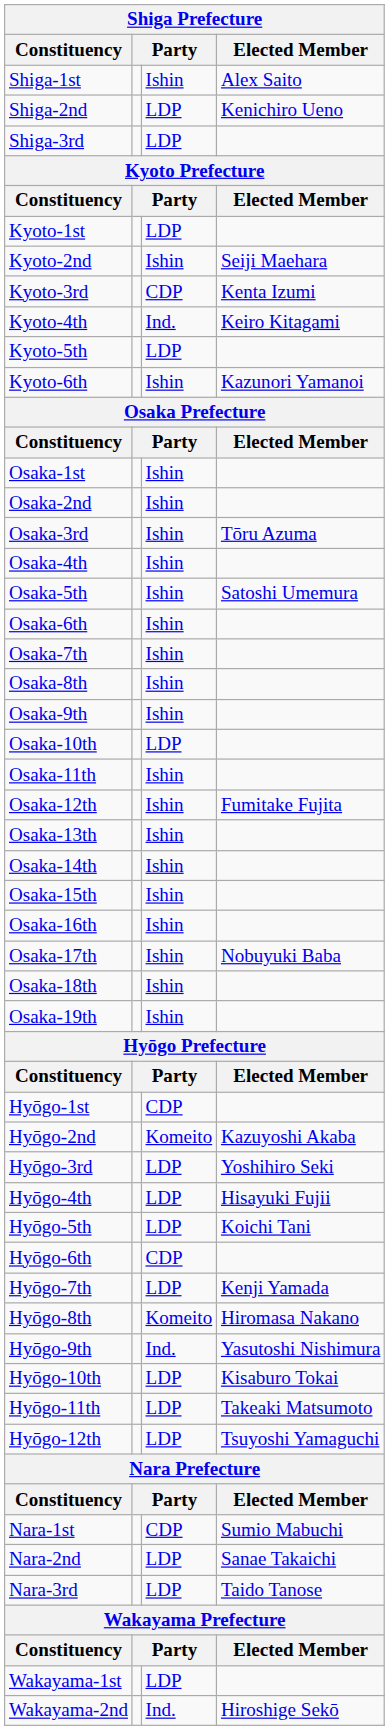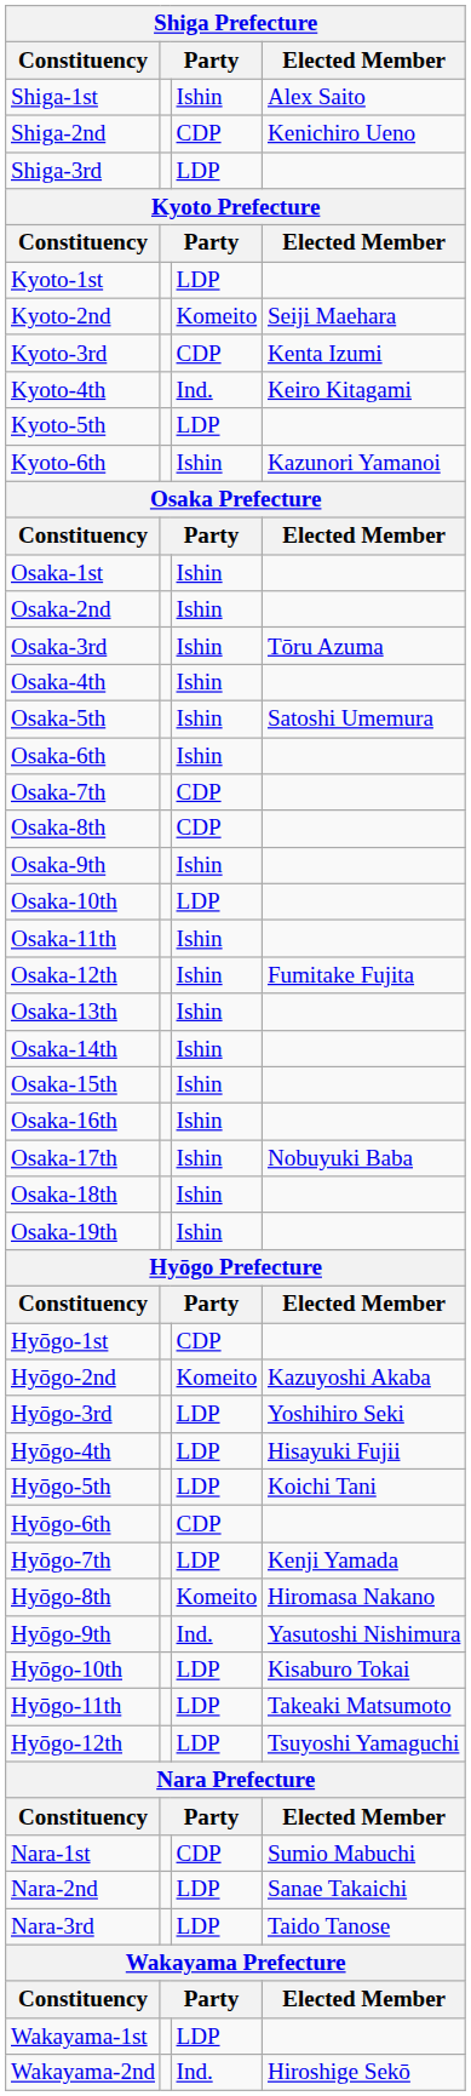 <table class="wikitable">
 <tr>
 <th colspan=4><a href='#'>Shiga Prefecture</a></th>
 </tr>
 <tr>
 <th>Constituency</th>
 <th colspan=2>Party</th>
 <th>Elected Member</th>
 </tr>
 <tr>
 <td><a href='#'>Shiga-1st</a></td>
 <td style="background:"></td>
 <td><a href='#'>Ishin</a></td>
 <td><a href='#'>Alex Saito</a></td>
 </tr>
 <tr>
 <td><a href='#'>Shiga-2nd</a></td>
 <td style="background:"></td>
-<td><a href='#'>LDP</a></td>
+<td><a href='#'>CDP</a></td>
 <td><a href='#'>Kenichiro Ueno</a></td>
 </tr>
 <tr>
 <td><a href='#'>Shiga-3rd</a></td>
 <td style="background:"></td>
 <td><a href='#'>LDP</a></td>
 <td></td>
 </tr>
 <tr>
 <th colspan=4><a href='#'>Kyoto Prefecture</a></th>
 </tr>
 <tr>
 <th>Constituency</th>
 <th colspan=2>Party</th>
 <th>Elected Member</th>
 </tr>
 <tr>
 <td><a href='#'>Kyoto-1st</a></td>
 <td style="background:"></td>
 <td><a href='#'>LDP</a></td>
 <td></td>
 </tr>
 <tr>
 <td><a href='#'>Kyoto-2nd</a></td>
 <td style="background:"></td>
-<td><a href='#'>Ishin</a></td>
+<td><a href='#'>Komeito</a></td>
 <td><a href='#'>Seiji Maehara</a></td>
 </tr>
 <tr>
 <td><a href='#'>Kyoto-3rd</a></td>
 <td style="background:"></td>
 <td><a href='#'>CDP</a></td>
 <td><a href='#'>Kenta Izumi</a></td>
 </tr>
 <tr>
 <td><a href='#'>Kyoto-4th</a></td>
 <td style="background:"></td>
 <td><a href='#'>Ind.</a></td>
 <td><a href='#'>Keiro Kitagami</a></td>
 </tr>
 <tr>
 <td><a href='#'>Kyoto-5th</a></td>
 <td style="background:"></td>
 <td><a href='#'>LDP</a></td>
 <td></td>
 </tr>
 <tr>
 <td><a href='#'>Kyoto-6th</a></td>
 <td style="background:"></td>
 <td><a href='#'>Ishin</a></td>
 <td><a href='#'>Kazunori Yamanoi</a></td>
 </tr>
 <tr>
 <th colspan=4><a href='#'>Osaka Prefecture</a></th>
 </tr>
 <tr>
 <th>Constituency</th>
 <th colspan=2>Party</th>
 <th>Elected Member</th>
 </tr>
 <tr>
 <td><a href='#'>Osaka-1st</a></td>
 <td style="background:"></td>
 <td><a href='#'>Ishin</a></td>
 <td></td>
 </tr>
 <tr>
 <td><a href='#'>Osaka-2nd</a></td>
 <td style="background:"></td>
 <td><a href='#'>Ishin</a></td>
 <td></td>
 </tr>
 <tr>
 <td><a href='#'>Osaka-3rd</a></td>
 <td style="background:"></td>
 <td><a href='#'>Ishin</a></td>
 <td><a href='#'>Tōru Azuma</a></td>
 </tr>
 <tr>
 <td><a href='#'>Osaka-4th</a></td>
 <td style="background:"></td>
 <td><a href='#'>Ishin</a></td>
 <td></td>
 </tr>
 <tr>
 <td><a href='#'>Osaka-5th</a></td>
 <td style="background:"></td>
 <td><a href='#'>Ishin</a></td>
 <td><a href='#'>Satoshi Umemura</a></td>
 </tr>
 <tr>
 <td><a href='#'>Osaka-6th</a></td>
 <td style="background:"></td>
 <td><a href='#'>Ishin</a></td>
 <td></td>
 </tr>
 <tr>
 <td><a href='#'>Osaka-7th</a></td>
 <td style="background:"></td>
-<td><a href='#'>Ishin</a></td>
+<td><a href='#'>CDP</a></td>
 <td></td>
 </tr>
 <tr>
 <td><a href='#'>Osaka-8th</a></td>
 <td style="background:"></td>
-<td><a href='#'>Ishin</a></td>
+<td><a href='#'>CDP</a></td>
 <td></td>
 </tr>
 <tr>
 <td><a href='#'>Osaka-9th</a></td>
 <td style="background:"></td>
 <td><a href='#'>Ishin</a></td>
 <td></td>
 </tr>
 <tr>
 <td><a href='#'>Osaka-10th</a></td>
 <td style="background:"></td>
 <td><a href='#'>LDP</a></td>
 <td></td>
 </tr>
 <tr>
 <td><a href='#'>Osaka-11th</a></td>
 <td style="background:"></td>
 <td><a href='#'>Ishin</a></td>
 <td></td>
 </tr>
 <tr>
 <td><a href='#'>Osaka-12th</a></td>
 <td style="background:"></td>
 <td><a href='#'>Ishin</a></td>
 <td><a href='#'>Fumitake Fujita</a></td>
 </tr>
 <tr>
 <td><a href='#'>Osaka-13th</a></td>
 <td style="background:"></td>
 <td><a href='#'>Ishin</a></td>
 <td></td>
 </tr>
 <tr>
 <td><a href='#'>Osaka-14th</a></td>
 <td style="background:"></td>
 <td><a href='#'>Ishin</a></td>
 <td></td>
 </tr>
 <tr>
 <td><a href='#'>Osaka-15th</a></td>
 <td style="background:"></td>
 <td><a href='#'>Ishin</a></td>
 <td></td>
 </tr>
 <tr>
 <td><a href='#'>Osaka-16th</a></td>
 <td style="background:"></td>
 <td><a href='#'>Ishin</a></td>
 <td></td>
 </tr>
 <tr>
 <td><a href='#'>Osaka-17th</a></td>
 <td style="background:"></td>
 <td><a href='#'>Ishin</a></td>
 <td><a href='#'>Nobuyuki Baba</a></td>
 </tr>
 <tr>
 <td><a href='#'>Osaka-18th</a></td>
 <td style="background:"></td>
 <td><a href='#'>Ishin</a></td>
 <td></td>
 </tr>
 <tr>
 <td><a href='#'>Osaka-19th</a></td>
 <td style="background:"></td>
 <td><a href='#'>Ishin</a></td>
 <td></td>
 </tr>
 <tr>
 <th colspan=4><a href='#'>Hyōgo Prefecture</a></th>
 </tr>
 <tr>
 <th>Constituency</th>
 <th colspan=2>Party</th>
 <th>Elected Member</th>
 </tr>
 <tr>
 <td><a href='#'>Hyōgo-1st</a></td>
 <td style="background:"></td>
 <td><a href='#'>CDP</a></td>
 <td></td>
 </tr>
 <tr>
 <td><a href='#'>Hyōgo-2nd</a></td>
 <td style="background:"></td>
 <td><a href='#'>Komeito</a></td>
 <td><a href='#'>Kazuyoshi Akaba</a></td>
 </tr>
 <tr>
 <td><a href='#'>Hyōgo-3rd</a></td>
 <td style="background:"></td>
 <td><a href='#'>LDP</a></td>
 <td><a href='#'>Yoshihiro Seki</a></td>
 </tr>
 <tr>
 <td><a href='#'>Hyōgo-4th</a></td>
 <td style="background:"></td>
 <td><a href='#'>LDP</a></td>
 <td><a href='#'>Hisayuki Fujii</a></td>
 </tr>
 <tr>
 <td><a href='#'>Hyōgo-5th</a></td>
 <td style="background:"></td>
 <td><a href='#'>LDP</a></td>
 <td><a href='#'>Koichi Tani</a></td>
 </tr>
 <tr>
 <td><a href='#'>Hyōgo-6th</a></td>
 <td style="background:"></td>
 <td><a href='#'>CDP</a></td>
 <td></td>
 </tr>
 <tr>
 <td><a href='#'>Hyōgo-7th</a></td>
 <td style="background:"></td>
 <td><a href='#'>LDP</a></td>
 <td><a href='#'>Kenji Yamada</a></td>
 </tr>
 <tr>
 <td><a href='#'>Hyōgo-8th</a></td>
 <td style="background:"></td>
 <td><a href='#'>Komeito</a></td>
 <td><a href='#'>Hiromasa Nakano</a></td>
 </tr>
 <tr>
 <td><a href='#'>Hyōgo-9th</a></td>
 <td style="background:"></td>
 <td><a href='#'>Ind.</a></td>
 <td><a href='#'>Yasutoshi Nishimura</a></td>
 </tr>
 <tr>
 <td><a href='#'>Hyōgo-10th</a></td>
 <td style="background:"></td>
 <td><a href='#'>LDP</a></td>
 <td><a href='#'>Kisaburo Tokai</a></td>
 </tr>
 <tr>
 <td><a href='#'>Hyōgo-11th</a></td>
 <td style="background:"></td>
 <td><a href='#'>LDP</a></td>
 <td><a href='#'>Takeaki Matsumoto</a></td>
 </tr>
 <tr>
 <td><a href='#'>Hyōgo-12th</a></td>
 <td style="background:"></td>
 <td><a href='#'>LDP</a></td>
 <td><a href='#'>Tsuyoshi Yamaguchi</a></td>
 </tr>
 <tr>
 <th colspan=4><a href='#'>Nara Prefecture</a></th>
 </tr>
 <tr>
 <th>Constituency</th>
 <th colspan=2>Party</th>
 <th>Elected Member</th>
 </tr>
 <tr>
 <td><a href='#'>Nara-1st</a></td>
 <td style="background:"></td>
 <td><a href='#'>CDP</a></td>
 <td><a href='#'>Sumio Mabuchi</a></td>
 </tr>
 <tr>
 <td><a href='#'>Nara-2nd</a></td>
 <td style="background:"></td>
 <td><a href='#'>LDP</a></td>
 <td><a href='#'>Sanae Takaichi</a></td>
 </tr>
 <tr>
 <td><a href='#'>Nara-3rd</a></td>
 <td style="background:"></td>
 <td><a href='#'>LDP</a></td>
 <td><a href='#'>Taido Tanose</a></td>
 </tr>
 <tr>
 <th colspan=4><a href='#'>Wakayama Prefecture</a></th>
 </tr>
 <tr>
 <th>Constituency</th>
 <th colspan=2>Party</th>
 <th>Elected Member</th>
 </tr>
 <tr>
 <td><a href='#'>Wakayama-1st</a></td>
 <td style="background:"></td>
 <td><a href='#'>LDP</a></td>
 <td></td>
 </tr>
 <tr>
 <td><a href='#'>Wakayama-2nd</a></td>
 <td style="background:"></td>
 <td><a href='#'>Ind.</a></td>
 <td><a href='#'>Hiroshige Sekō</a></td>
 </tr>
 </table>
